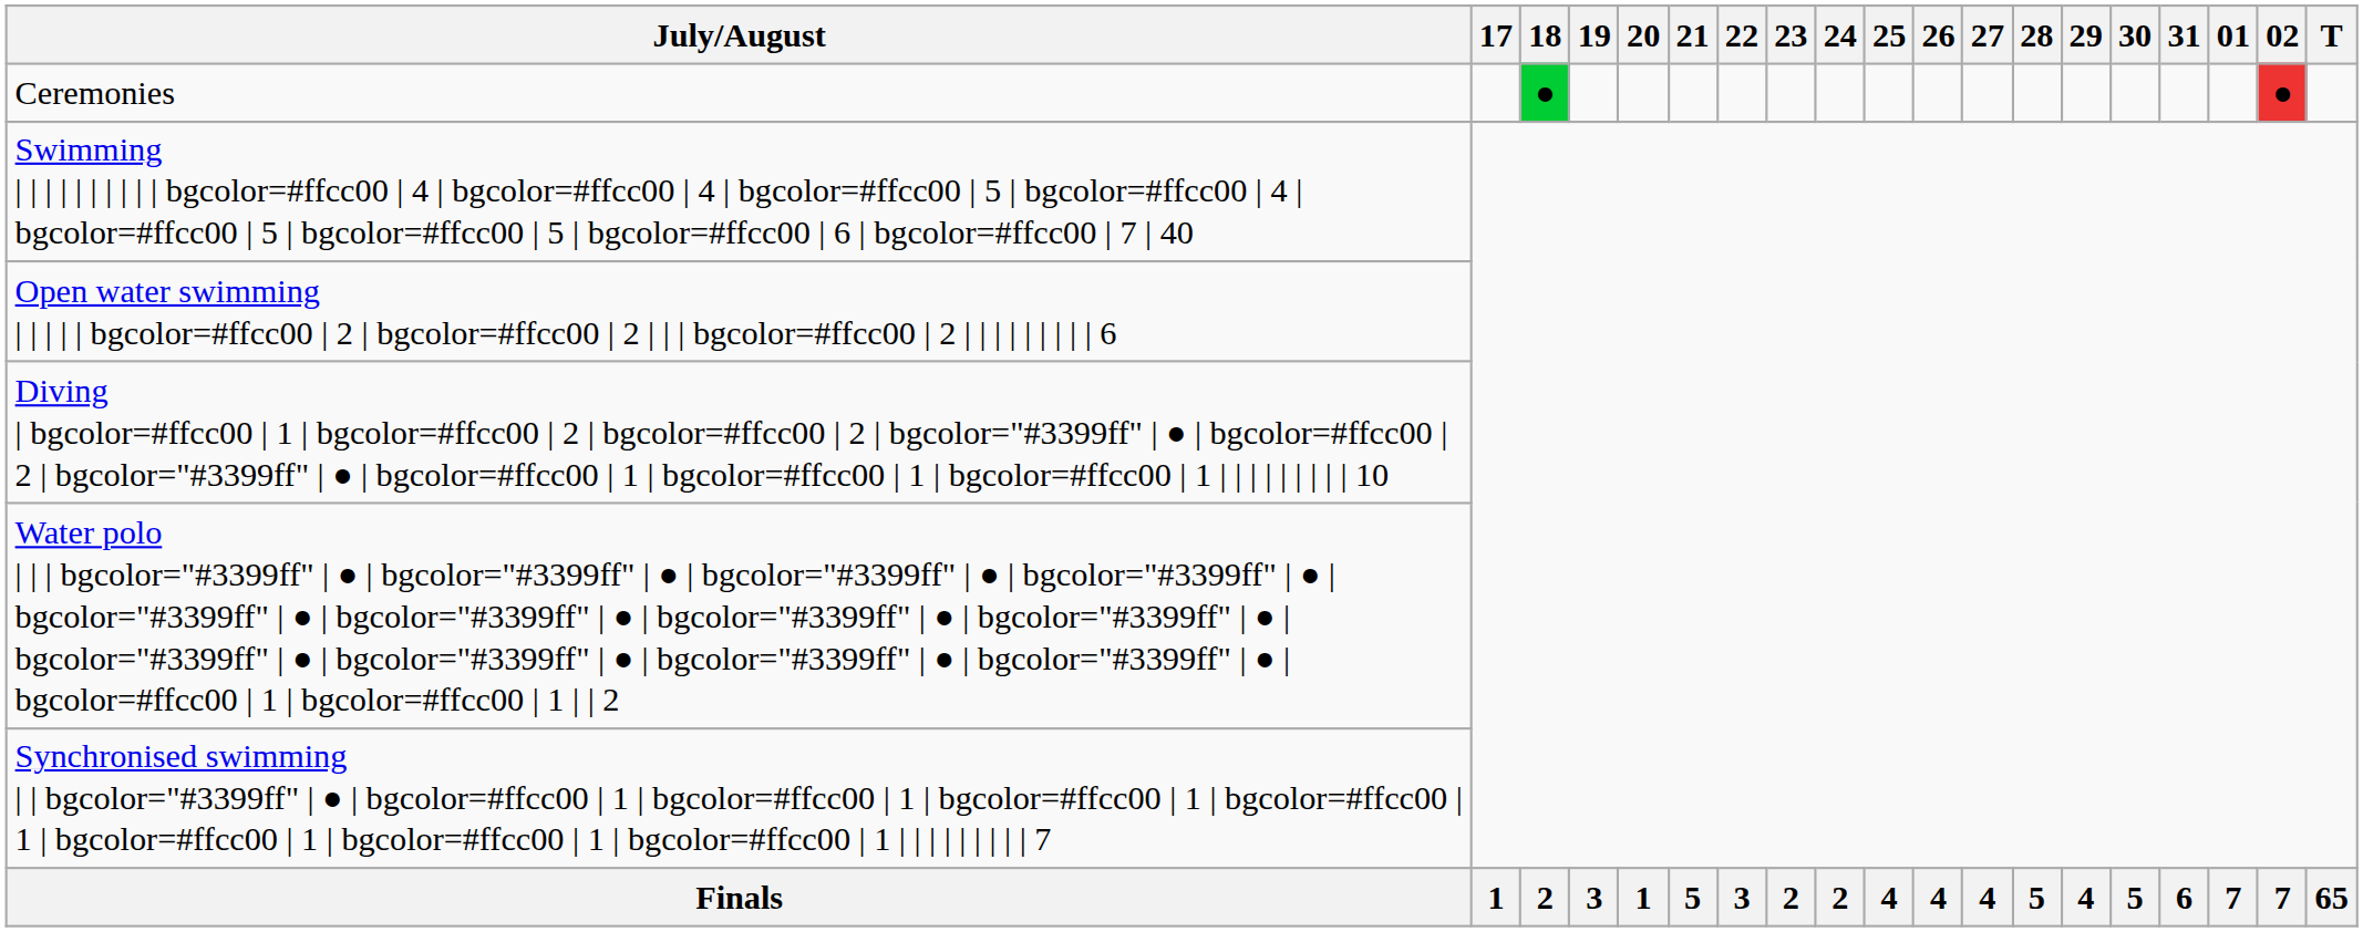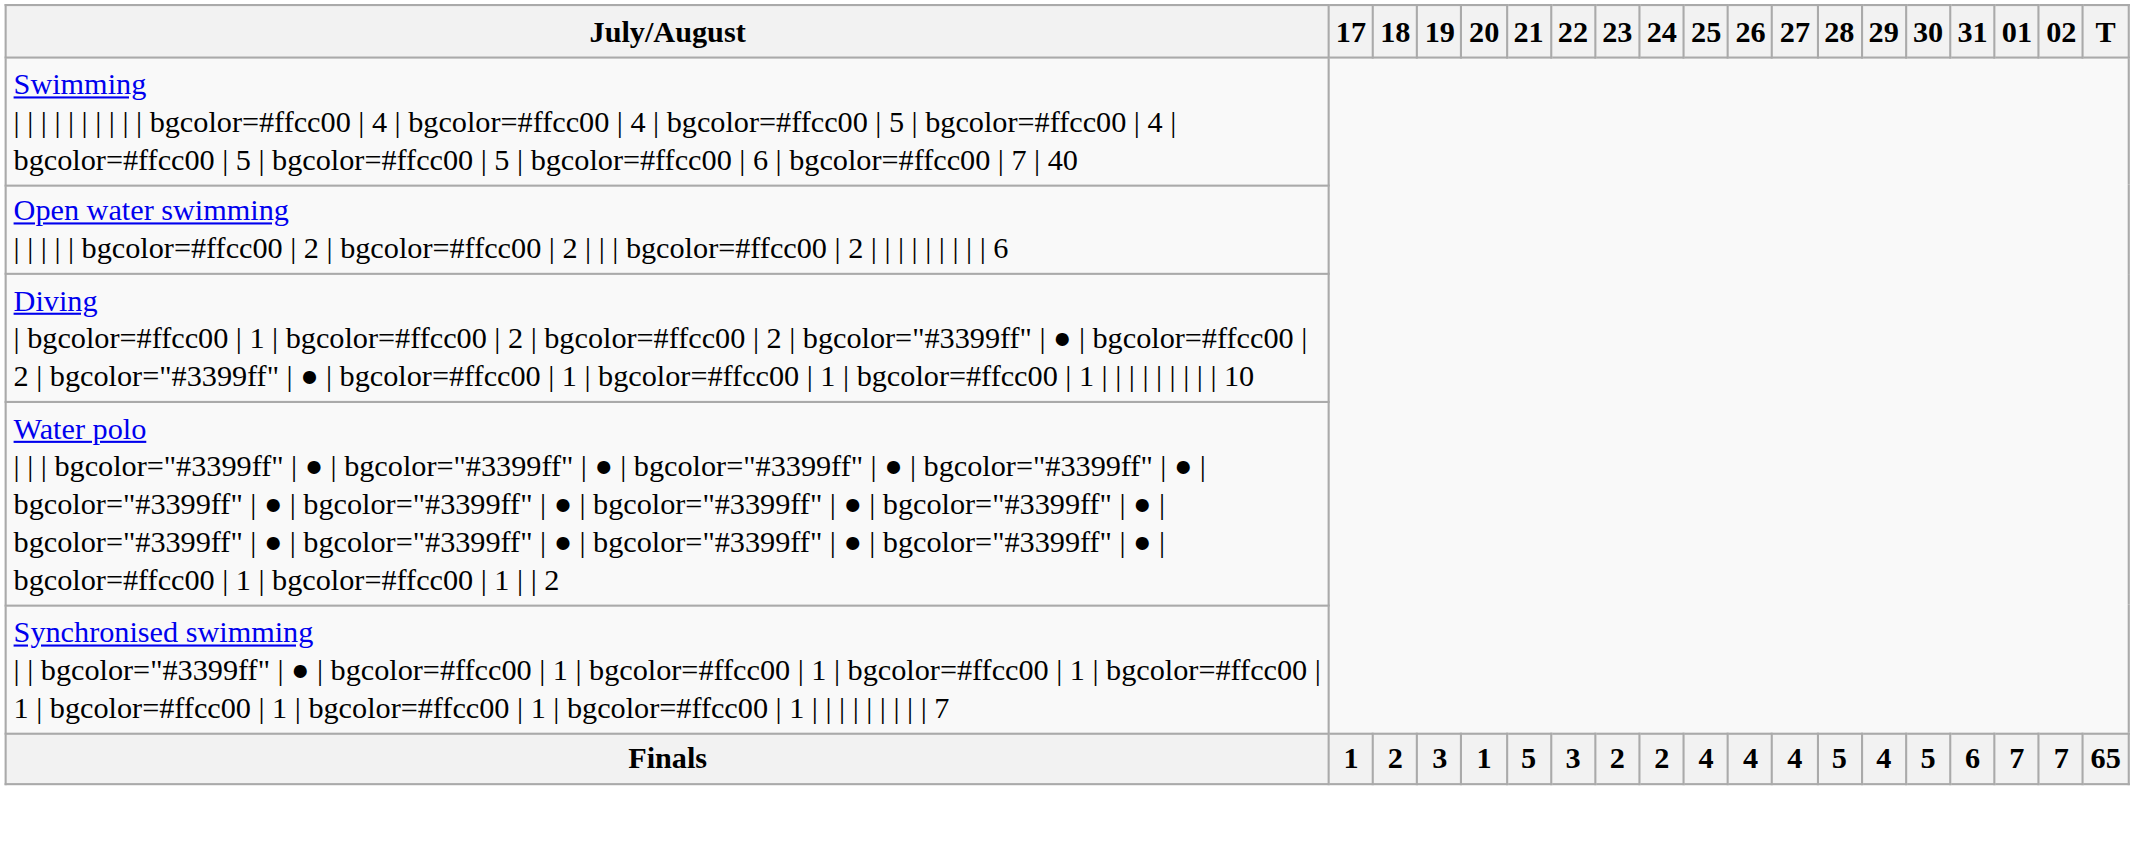 <table class="wikitable" style="margin:0.5em auto; font-size:90%; line-height:1.25em; width:80%;">
 <tr>
 <th>July/August</th>
 <th>17</th>
 <th>18</th>
 <th>19</th>
 <th>20</th>
 <th>21</th>
 <th>22</th>
 <th>23</th>
 <th>24</th>
 <th>25</th>
 <th>26</th>
 <th>27</th>
 <th>28</th>
 <th>29</th>
 <th>30</th>
 <th>31</th>
 <th>01</th>
 <th>02</th>
 <th>T</th>
-</tr>
-<tr>
-<td>Ceremonies</td>
-<td></td>
-<td bgcolor=#00cc33 align=center>●</td>
-<td></td>
-<td></td>
-<td></td>
-<td></td>
-<td></td>
-<td></td>
-<td></td>
-<td></td>
-<td></td>
-<td></td>
-<td></td>
-<td></td>
-<td></td>
-<td></td>
-<td bgcolor=#ee3333 align=center>●</td>
-<td></td>
 </tr>
 <tr align="center">
 <td align="left"> <a href='#'>Swimming</a><br>|  |  |  |  |  |  |  |  |  | bgcolor=#ffcc00 | 4 | bgcolor=#ffcc00 | 4 | bgcolor=#ffcc00 | 5 | bgcolor=#ffcc00 | 4 | bgcolor=#ffcc00 | 5 | bgcolor=#ffcc00 | 5 | bgcolor=#ffcc00 | 6 | bgcolor=#ffcc00 | 7 | 40</td>
 </tr>
 <tr align="center">
 <td align="left"> <a href='#'>Open water swimming</a><br>|  |  |  |  | bgcolor=#ffcc00 | 2 | bgcolor=#ffcc00 | 2 |  |  | bgcolor=#ffcc00 | 2 |  |  |  |  |  |  |  |  | 6</td>
 </tr>
 <tr align="center">
 <td align="left"> <a href='#'>Diving</a><br>| bgcolor=#ffcc00 | 1 | bgcolor=#ffcc00 | 2 | bgcolor=#ffcc00 | 2 | bgcolor="#3399ff" | ● | bgcolor=#ffcc00 | 2 | bgcolor="#3399ff" | ● | bgcolor=#ffcc00 | 1 | bgcolor=#ffcc00 | 1 | bgcolor=#ffcc00 | 1 |  |  |  |  |  |  |  |  | 10</td>
 </tr>
 <tr align="center">
 <td align="left"> <a href='#'>Water polo</a><br>|  |  | bgcolor="#3399ff" | ● | bgcolor="#3399ff" | ● | bgcolor="#3399ff" | ● | bgcolor="#3399ff" | ● | bgcolor="#3399ff" | ● | bgcolor="#3399ff" | ● | bgcolor="#3399ff" | ● | bgcolor="#3399ff" | ● | bgcolor="#3399ff" | ● | bgcolor="#3399ff" | ● | bgcolor="#3399ff" | ● | bgcolor="#3399ff" | ● | bgcolor=#ffcc00 | 1 | bgcolor=#ffcc00 | 1 |  | 2</td>
 </tr>
 <tr align="center">
 <td align="left"> <a href='#'>Synchronised swimming</a><br>|  | bgcolor="#3399ff" | ● | bgcolor=#ffcc00 | 1 | bgcolor=#ffcc00 | 1 | bgcolor=#ffcc00 | 1 | bgcolor=#ffcc00 | 1 | bgcolor=#ffcc00 | 1 | bgcolor=#ffcc00 | 1 | bgcolor=#ffcc00 | 1 |  |  |  |  |  |  |  |  | 7</td>
 </tr>
 <tr>
 <th>Finals</th>
 <th>1</th>
 <th>2</th>
 <th>3</th>
 <th>1</th>
 <th>5</th>
 <th>3</th>
 <th>2</th>
 <th>2</th>
 <th>4</th>
 <th>4</th>
 <th>4</th>
 <th>5</th>
 <th>4</th>
 <th>5</th>
 <th>6</th>
 <th>7</th>
 <th>7</th>
 <th>65</th>
 </tr>
 </table>
